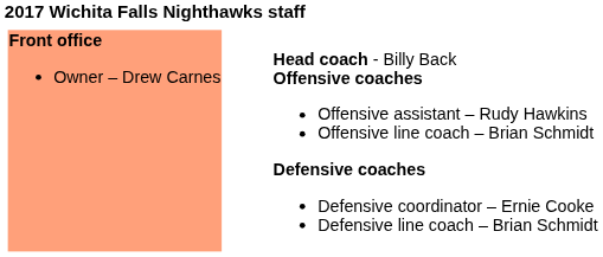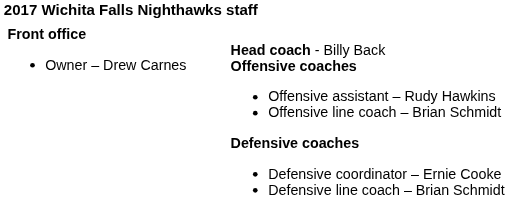 <table class="toccolours" style="text-align: left;">
 <tr>
 <th colspan="7"><strong>2017 Wichita Falls Nighthawks staff</strong></th>
 </tr>
 <tr>
 <td colspan="7" style="text-align:right;"></td>
 </tr>
 <tr>
 <td valign="top"></td>
-<td style="background: lightsalmon; font-size:95%; vertical-align:top;"><strong>Front office</strong><br><ul><li>Owner – Drew Carnes</li></ul></td>
+<td style="font-size:95%; vertical-align:top;"><strong>Front office</strong><br><ul><li>Owner – Drew Carnes</li></ul></td>
 <td width="35"> </td>
 <td valign="top"></td>
 <td style="font-size:95%; vertical-align:top;"><br><strong>Head coach</strong> - Billy Back<br><strong>Offensive coaches</strong><ul><li>Offensive assistant – Rudy Hawkins</li><li>Offensive line coach – Brian Schmidt</li></ul><strong>Defensive coaches</strong><ul><li>Defensive coordinator – Ernie Cooke</li><li>Defensive line coach – Brian Schmidt</li></ul></td>
 </tr>
 </table>
